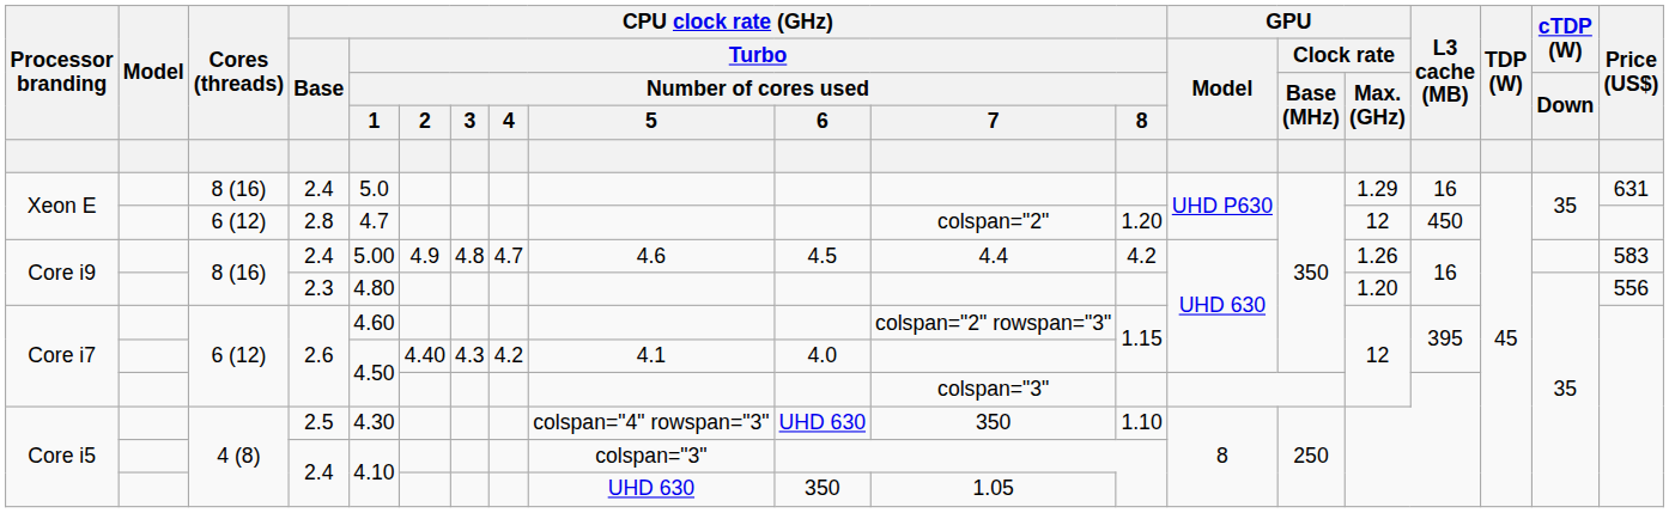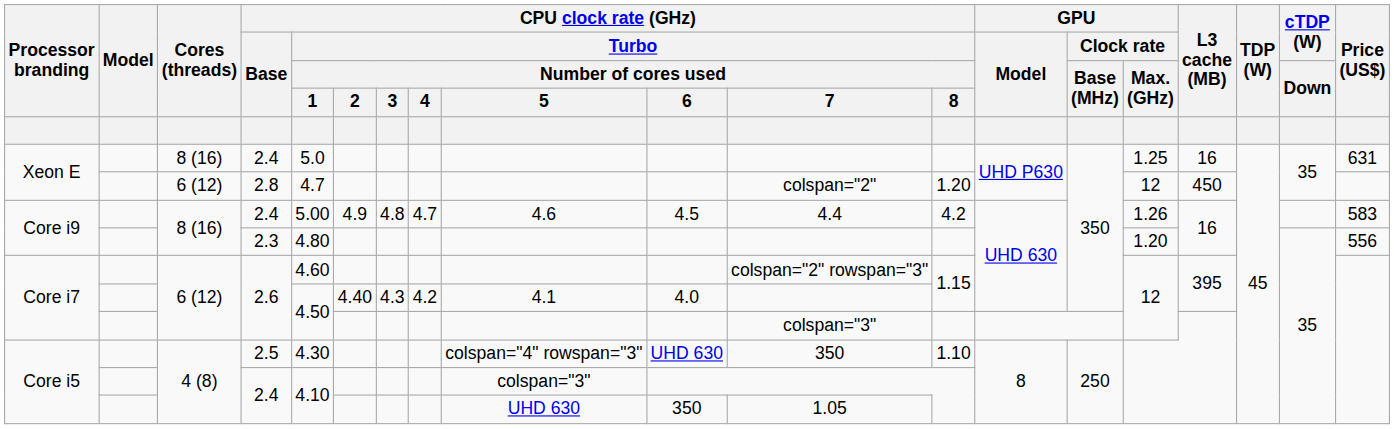 <table class="wikitable sortable hover-highlight" style="text-align: center; text-align: center">
 <tr>
 <th rowspan="4">Processor<br>branding</th>
 <th rowspan="4">Model</th>
 <th rowspan="4">Cores<br>(threads)</th>
 <th colspan="9">CPU <a href='#'>clock rate</a> (GHz)</th>
 <th colspan="3">GPU</th>
 <th rowspan="4">L3<br>cache<br>(MB)</th>
 <th rowspan="4">TDP<br>(W)</th>
 <th rowspan="2"><a href='#'>cTDP</a><br>(W)</th>
 <th rowspan="4">Price<br>(US$)</th>
 </tr>
 <tr>
 <th rowspan="3">Base</th>
 <th colspan="8"><a href='#'>Turbo</a></th>
 <th rowspan="3">Model</th>
 <th colspan="2">Clock rate</th>
 </tr>
 <tr>
 <th colspan="8">Number of cores used</th>
 <th rowspan="2">Base<br>(MHz)</th>
 <th rowspan="2">Max.<br>(GHz)</th>
 <th rowspan="2">Down</th>
 </tr>
 <tr>
 <th>1</th>
 <th>2</th>
 <th>3</th>
 <th>4</th>
 <th>5</th>
 <th>6</th>
 <th>7</th>
 <th>8</th>
 </tr>
 <tr>
 <th style="background-position:center"><br></th>
 <th style="background-position:center"></th>
 <th style="background-position:center"></th>
 <th style="background-position:center"></th>
 <th style="background-position:center"></th>
 <th style="background-position:center"></th>
 <th style="background-position:center"></th>
 <th style="background-position:center"></th>
 <th style="background-position:center"></th>
 <th style="background-position:center"></th>
 <th style="background-position:center"></th>
 <th style="background-position:center"></th>
 <th style="background-position:center"></th>
 <th style="background-position:center"></th>
 <th style="background-position:center"></th>
 <th style="background-position:center"></th>
 <th style="background-position:center"></th>
 <th style="background-position:center"></th>
 <th style="background-position:center"></th>
 </tr>
 <tr>
 <td rowspan="2">Xeon E</td>
 <td></td>
 <td>8 (16)</td>
 <td>2.4</td>
 <td>5.0</td>
 <td></td>
 <td></td>
 <td></td>
 <td></td>
 <td></td>
 <td></td>
 <td></td>
 <td rowspan="2"><a href='#'>UHD P630</a></td>
 <td rowspan="6">350</td>
-<td>1.29</td>
+<td>1.25</td>
 <td>16</td>
 <td rowspan="10">45</td>
 <td rowspan="2">35</td>
 <td>631</td>
 </tr>
 <tr>
 <td></td>
 <td>6 (12)</td>
 <td>2.8</td>
 <td>4.7</td>
 <td></td>
 <td></td>
 <td></td>
 <td></td>
 <td></td>
 <td>colspan="2" </td>
 <td>1.20</td>
 <td>12</td>
 <td>450</td>
 </tr>
 <tr>
 <td rowspan="2">Core i9</td>
 <td></td>
 <td rowspan="2">8 (16)</td>
 <td>2.4</td>
 <td>5.00</td>
 <td>4.9</td>
 <td>4.8</td>
 <td>4.7</td>
 <td>4.6</td>
 <td>4.5</td>
 <td>4.4</td>
 <td>4.2</td>
 <td rowspan="4"><a href='#'>UHD 630</a></td>
 <td>1.26</td>
 <td rowspan="2">16</td>
 <td></td>
 <td>583</td>
 </tr>
 <tr>
 <td></td>
 <td>2.3</td>
 <td>4.80</td>
 <td></td>
 <td></td>
 <td></td>
 <td></td>
 <td></td>
 <td></td>
 <td></td>
 <td>1.20</td>
 <td rowspan="7">35</td>
 <td>556</td>
 </tr>
 <tr>
 <td rowspan="3">Core i7</td>
 <td></td>
 <td rowspan="3">6 (12)</td>
 <td rowspan="3">2.6</td>
 <td>4.60</td>
 <td></td>
 <td></td>
 <td></td>
 <td></td>
 <td></td>
 <td>colspan="2" rowspan="3" </td>
 <td rowspan="2">1.15</td>
 <td rowspan="3">12</td>
 <td rowspan="2 ">395</td>
 </tr>
 <tr>
 <td></td>
 <td rowspan="2">4.50</td>
 <td>4.40</td>
 <td>4.3</td>
 <td>4.2</td>
 <td>4.1</td>
 <td>4.0</td>
 </tr>
 <tr>
 <td></td>
 <td></td>
 <td></td>
 <td></td>
 <td></td>
 <td></td>
 <td>colspan="3" </td>
 <td></td>
 </tr>
 <tr>
 <td rowspan="3">Core i5</td>
 <td></td>
 <td rowspan="3">4 (8)</td>
 <td>2.5</td>
 <td>4.30</td>
 <td></td>
 <td></td>
 <td></td>
 <td>colspan="4" rowspan="3" </td>
 <td><a href='#'>UHD 630</a></td>
 <td>350</td>
 <td>1.10</td>
 <td rowspan="3">8</td>
 <td rowspan="3">250</td>
 </tr>
 <tr>
 <td></td>
 <td rowspan="2">2.4</td>
 <td rowspan="2">4.10</td>
 <td></td>
 <td></td>
 <td></td>
 <td>colspan="3" </td>
 </tr>
 <tr>
 <td></td>
 <td></td>
 <td></td>
 <td></td>
 <td><a href='#'>UHD 630</a></td>
 <td>350</td>
 <td>1.05</td>
 </tr>
 </table>
